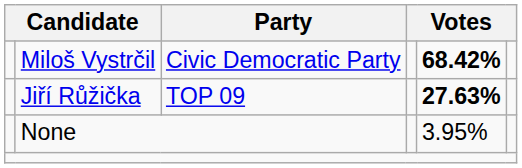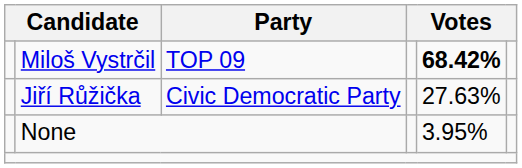 <table class="wikitable">
 <tr>
 <th colspan=2>Candidate</th>
 <th>Party</th>
 <th colspan=3>Votes</th>
 </tr>
 <tr>
 <td style="background:"></td>
 <td><a href='#'>Miloš Vystrčil</a></td>
-<td><a href='#'>Civic Democratic Party</a></td>
+<td><a href='#'>TOP 09</a></td>
 <td></td>
 <td><strong>68.42%</strong></td>
 <td></td>
 </tr>
 <tr>
 <td style="background:"></td>
 <td><a href='#'>Jiří Růžička</a></td>
-<td><a href='#'>TOP 09</a></td>
+<td><a href='#'>Civic Democratic Party</a></td>
 <td></td>
-<td><strong>27.63%</strong></td>
+<td>27.63%</td>
 <td></td>
 </tr>
 <tr>
 <td style="background:"></td>
 <td colspan=2>None</td>
 <td></td>
 <td>3.95%</td>
 <td></td>
 </tr>
 <tr>
 <td colspan=6></td>
 </tr>
 </table>
